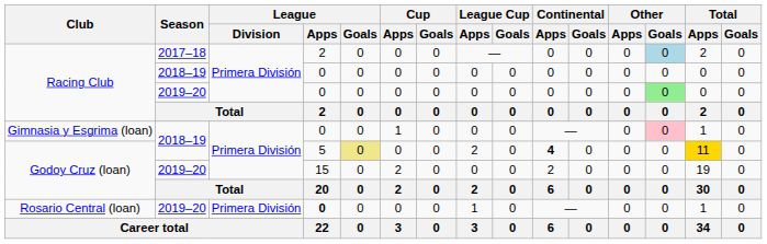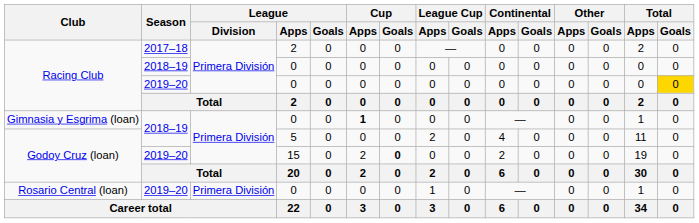 <table class="wikitable" style="text-align:center">
 <tr>
 <th rowspan="2">Club</th>
 <th rowspan="2">Season</th>
 <th colspan="3">League</th>
 <th colspan="2">Cup</th>
 <th colspan="2">League Cup</th>
 <th colspan="2">Continental</th>
 <th colspan="2">Other</th>
 <th colspan="2">Total</th>
 </tr>
 <tr>
 <th>Division</th>
 <th>Apps</th>
 <th>Goals</th>
 <th>Apps</th>
 <th>Goals</th>
 <th>Apps</th>
 <th>Goals</th>
 <th>Apps</th>
 <th>Goals</th>
 <th>Apps</th>
 <th>Goals</th>
 <th>Apps</th>
 <th>Goals</th>
 </tr>
 <tr>
 <td rowspan="4"><a href='#'>Racing Club</a></td>
 <td><a href='#'>2017–18</a></td>
 <td rowspan="3"><a href='#'>Primera División</a></td>
 <td>2</td>
 <td>0</td>
 <td>0</td>
 <td>0</td>
 <td colspan="2">—</td>
 <td>0</td>
 <td>0</td>
 <td>0</td>
-<td style="background: lightblue;">0</td>
+<td>0</td>
 <td>2</td>
 <td>0</td>
 </tr>
 <tr>
 <td><a href='#'>2018–19</a></td>
 <td>0</td>
 <td>0</td>
 <td>0</td>
 <td>0</td>
 <td>0</td>
 <td>0</td>
 <td>0</td>
 <td>0</td>
 <td>0</td>
 <td>0</td>
 <td>0</td>
 <td>0</td>
 </tr>
 <tr>
 <td><a href='#'>2019–20</a></td>
 <td>0</td>
 <td>0</td>
 <td>0</td>
 <td>0</td>
 <td>0</td>
 <td>0</td>
 <td>0</td>
 <td>0</td>
 <td>0</td>
-<td style="background: lightgreen;">0</td>
 <td>0</td>
 <td>0</td>
+<td style="background: gold;">0</td>
 </tr>
 <tr>
 <th colspan="2">Total</th>
 <th>2</th>
 <th>0</th>
 <th>0</th>
 <th>0</th>
 <th>0</th>
 <th>0</th>
 <th>0</th>
 <th>0</th>
 <th>0</th>
 <th>0</th>
 <th>2</th>
 <th>0</th>
 </tr>
 <tr>
 <td rowspan="1"><a href='#'>Gimnasia y Esgrima</a> (loan)</td>
 <td rowspan="2"><a href='#'>2018–19</a></td>
 <td rowspan="3"><a href='#'>Primera División</a></td>
 <td>0</td>
 <td>0</td>
-<td>1</td>
+<td><strong>1</strong></td>
 <td>0</td>
 <td>0</td>
 <td>0</td>
 <td colspan="2">—</td>
 <td>0</td>
-<td style="background: pink;">0</td>
+<td>0</td>
 <td>1</td>
 <td>0</td>
 </tr>
 <tr>
 <td rowspan="3"><a href='#'>Godoy Cruz</a> (loan)</td>
 <td>5</td>
-<td style="background: khaki;">0</td>
+<td>0</td>
 <td>0</td>
 <td>0</td>
 <td>2</td>
 <td>0</td>
-<td><strong>4</strong></td>
+<td>4</td>
 <td>0</td>
 <td>0</td>
 <td>0</td>
-<td style="background: gold;">11</td>
+<td>11</td>
 <td>0</td>
 </tr>
 <tr>
 <td><a href='#'>2019–20</a></td>
 <td>15</td>
 <td>0</td>
 <td>2</td>
-<td>0</td>
+<td><strong>0</strong></td>
 <td>0</td>
 <td>0</td>
 <td>2</td>
 <td>0</td>
 <td>0</td>
 <td>0</td>
 <td>19</td>
 <td>0</td>
 </tr>
 <tr>
 <th colspan="2">Total</th>
 <th>20</th>
 <th>0</th>
 <th>2</th>
 <th>0</th>
 <th>2</th>
 <th>0</th>
 <th>6</th>
 <th>0</th>
 <th>0</th>
 <th>0</th>
 <th>30</th>
 <th>0</th>
 </tr>
 <tr>
 <td rowspan="1"><a href='#'>Rosario Central</a> (loan)</td>
 <td><a href='#'>2019–20</a></td>
 <td rowspan="1"><a href='#'>Primera División</a></td>
-<td><strong>0</strong></td>
+<td>0</td>
 <td>0</td>
 <td>0</td>
 <td>0</td>
 <td>1</td>
 <td>0</td>
 <td colspan="2">—</td>
 <td>0</td>
 <td>0</td>
 <td>1</td>
 <td>0</td>
 </tr>
 <tr>
 <th colspan="3">Career total</th>
 <th>22</th>
 <th>0</th>
 <th>3</th>
 <th>0</th>
 <th>3</th>
 <th>0</th>
 <th>6</th>
 <th>0</th>
 <th>0</th>
 <th>0</th>
 <th>34</th>
 <th>0</th>
 </tr>
 </table>
